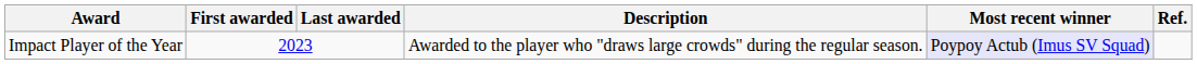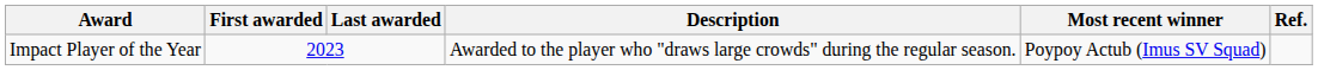 <table class="wikitable sortable">
 <tr>
 <th>Award</th>
 <th>First awarded</th>
 <th>Last awarded</th>
 <th class="unsortable">Description</th>
 <th>Most recent winner</th>
 <th class="unsortable">Ref.</th>
 </tr>
 <tr>
 <td>Impact Player of the Year</td>
 <td align=center colspan=2><a href='#'>2023</a></td>
 <td>Awarded to the player who "draws large crowds" during the regular season.</td>
-<td style="background: lavender;">Poypoy Actub (<a href='#'>Imus SV Squad</a>)</td>
+<td>Poypoy Actub (<a href='#'>Imus SV Squad</a>)</td>
 <td></td>
 </tr>
 </table>
